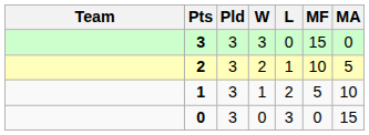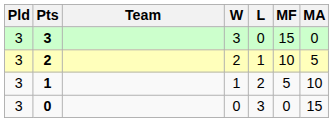 <table class=wikitable style="text-align:center">
 <tr>
+<th width=20>Pld</th>
+<th width=20>Pts</th>
 <th width=175>Team</th>
-<th width=20>Pts</th>
-<th width=20>Pld</th>
 <th width=20>W</th>
 <th width=20>L</th>
 <th width=20>MF</th>
 <th width=20>MA</th>
 </tr>
 <tr bgcolor=#ccffcc>
+<td>3</td>
+<td><strong>3</strong></td>
 <td style="text-align:left"></td>
-<td><strong>3</strong></td>
-<td>3</td>
 <td>3</td>
 <td>0</td>
 <td>15</td>
 <td>0</td>
 </tr>
 <tr bgcolor=#ffffbb>
+<td>3</td>
+<td><strong>2</strong></td>
 <td style="text-align:left"></td>
-<td><strong>2</strong></td>
-<td>3</td>
 <td>2</td>
 <td>1</td>
 <td>10</td>
 <td>5</td>
 </tr>
 <tr>
+<td>3</td>
+<td><strong>1</strong></td>
 <td style="text-align:left"></td>
-<td><strong>1</strong></td>
-<td>3</td>
 <td>1</td>
 <td>2</td>
 <td>5</td>
 <td>10</td>
 </tr>
 <tr>
+<td>3</td>
+<td><strong>0</strong></td>
 <td style="text-align:left"></td>
-<td><strong>0</strong></td>
-<td>3</td>
 <td>0</td>
 <td>3</td>
 <td>0</td>
 <td>15</td>
 </tr>
 </table>
